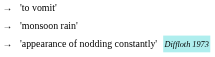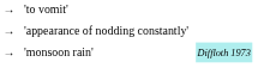 <table style="line-height: 1.4em;" cellpadding="2">
 <tr>
 <td> </td>
 <td> </td>
 <td></td>
 <td>→</td>
 <td></td>
 <td>'to vomit'</td>
 <td></td>
 </tr>
 <tr>
 <td> </td>
 <td> </td>
 <td></td>
 <td>→</td>
 <td></td>
-<td>'monsoon rain'</td>
+<td>'appearance of nodding constantly'</td>
 <td></td>
 </tr>
 <tr>
 <td> </td>
 <td> </td>
 <td></td>
 <td>→</td>
 <td></td>
-<td>'appearance of nodding constantly'</td>
+<td>'monsoon rain'</td>
 <td></td>
 <td style="background: paleturquoise;"><small><cite>Diffloth 1973</cite></small></td>
 </tr>
 </table>
